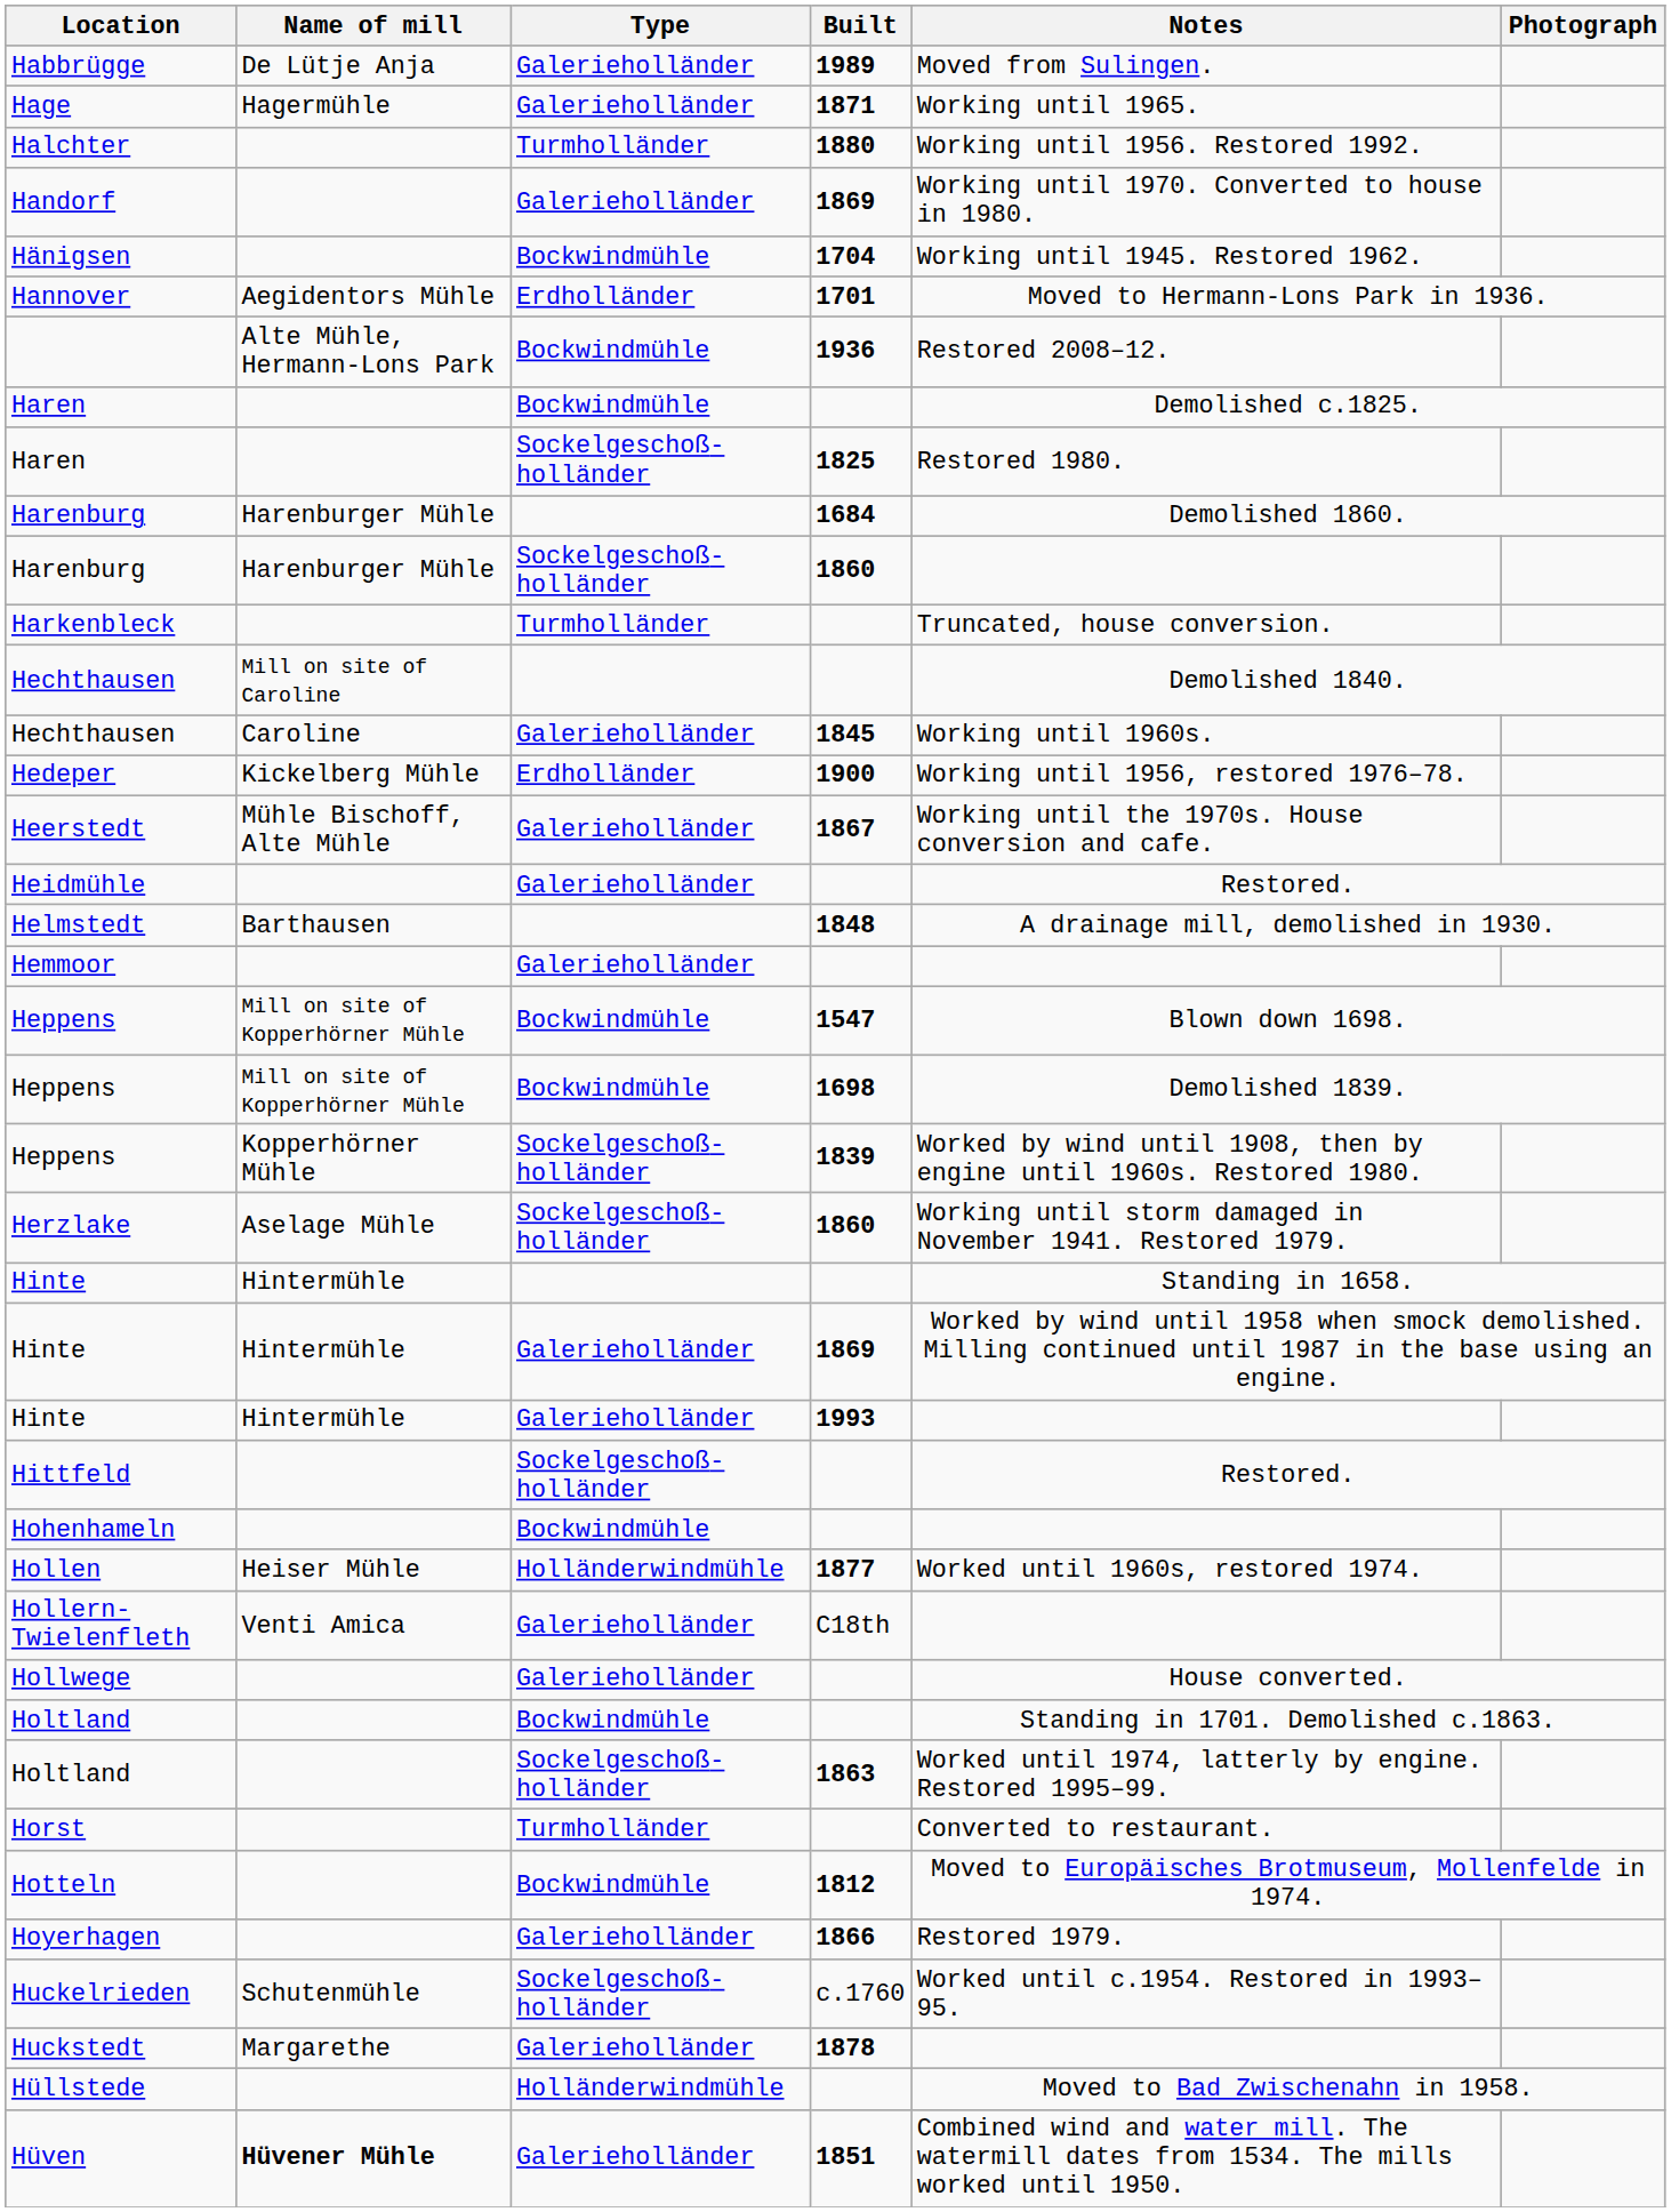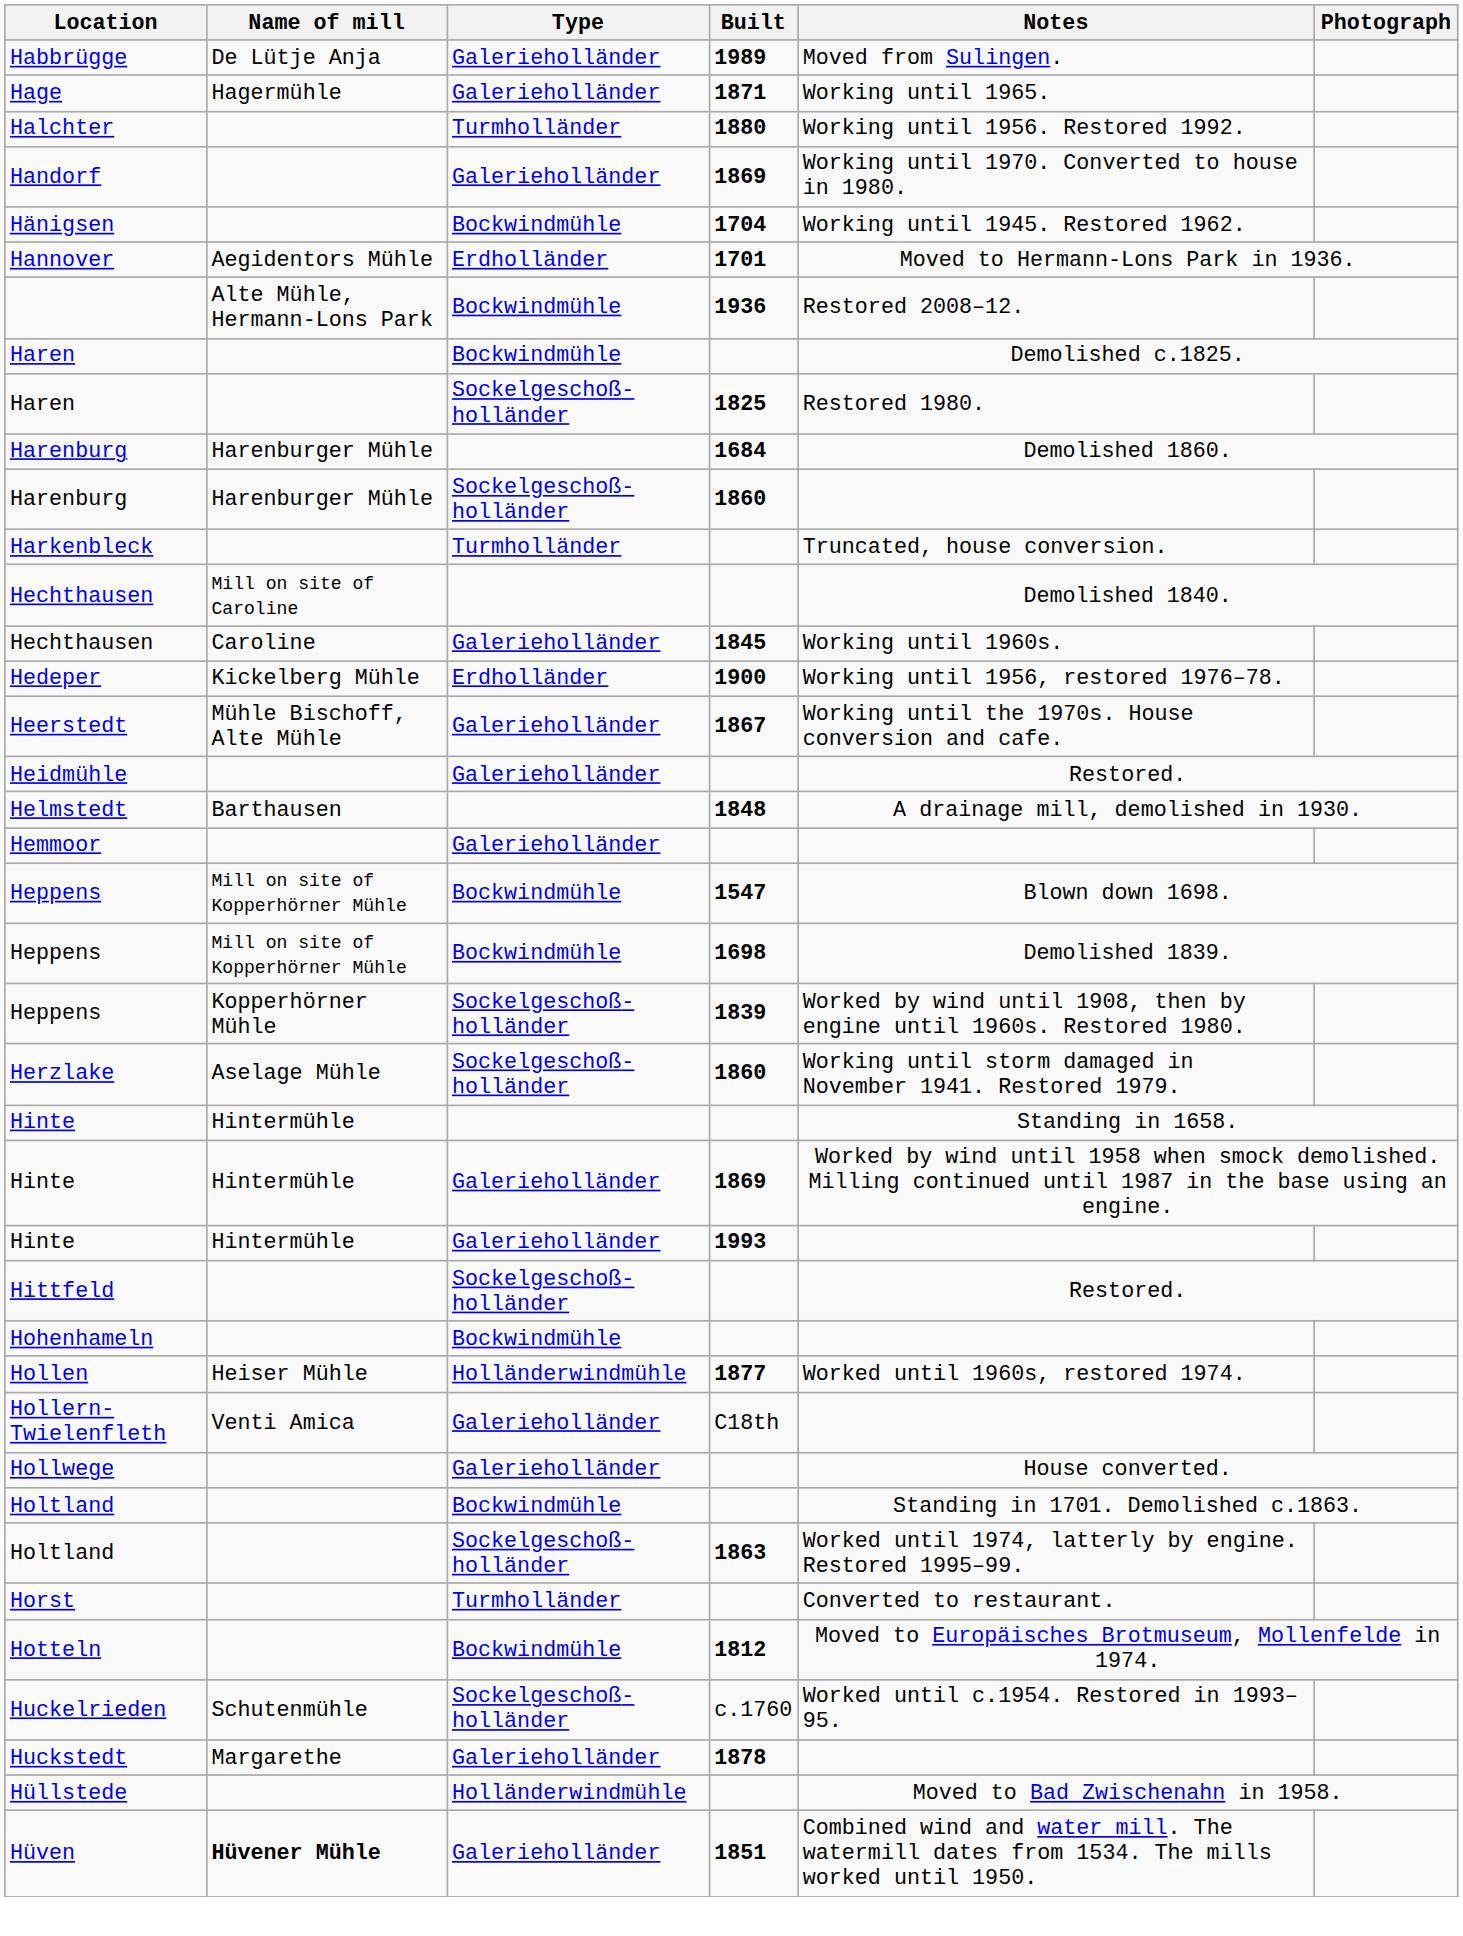 <table class="wikitable sortable">
 <tr>
 <th>Location</th>
 <th>Name of mill</th>
 <th>Type</th>
 <th>Built</th>
 <th class="unsortable">Notes</th>
 <th class="unsortable">Photograph</th>
 </tr>
 <tr>
 <td><a href='#'>Habbrügge</a></td>
 <td>De Lütje Anja</td>
 <td><a href='#'>Galerieholländer</a></td>
 <td><strong>1989</strong></td>
 <td>Moved from <a href='#'>Sulingen</a>.</td>
 <td></td>
 </tr>
 <tr>
 <td><a href='#'>Hage</a></td>
 <td>Hagermühle</td>
 <td><a href='#'>Galerieholländer</a></td>
 <td><strong>1871</strong></td>
 <td>Working until 1965.</td>
 <td></td>
 </tr>
 <tr>
 <td><a href='#'>Halchter</a></td>
 <td></td>
 <td><a href='#'>Turmholländer</a></td>
 <td><strong>1880</strong></td>
 <td>Working until 1956. Restored 1992.</td>
 <td></td>
 </tr>
 <tr>
 <td><a href='#'>Handorf</a></td>
 <td></td>
 <td><a href='#'>Galerieholländer</a></td>
 <td><strong>1869</strong></td>
 <td>Working until 1970. Converted to house in 1980.</td>
 <td></td>
 </tr>
 <tr>
 <td><a href='#'>Hänigsen</a></td>
 <td></td>
 <td><a href='#'>Bockwindmühle</a></td>
 <td><strong>1704</strong></td>
 <td>Working until 1945. Restored 1962.</td>
 <td></td>
 </tr>
 <tr>
 <td><a href='#'>Hannover</a></td>
 <td>Aegidentors Mühle</td>
 <td><a href='#'>Erdholländer</a></td>
 <td><strong>1701</strong></td>
 <td colspan="2" style="text-align:center;">Moved to Hermann-Lons Park in 1936.</td>
 </tr>
 <tr>
 <td></td>
 <td>Alte Mühle, Hermann-Lons Park</td>
 <td><a href='#'>Bockwindmühle</a></td>
 <td><strong>1936</strong></td>
 <td>Restored 2008–12.</td>
 <td></td>
 </tr>
 <tr>
 <td><a href='#'>Haren</a></td>
 <td></td>
 <td><a href='#'>Bockwindmühle</a></td>
 <td></td>
 <td colspan="2" style="text-align:center;">Demolished c.1825.</td>
 </tr>
 <tr>
 <td>Haren</td>
 <td></td>
 <td><a href='#'>Sockelgeschoß­holländer</a></td>
 <td><strong>1825</strong></td>
 <td>Restored 1980.</td>
 <td></td>
 </tr>
 <tr>
 <td><a href='#'>Harenburg</a></td>
 <td>Harenburger Mühle</td>
 <td></td>
 <td><strong>1684</strong></td>
 <td colspan="2" style="text-align:center;">Demolished 1860.</td>
 </tr>
 <tr>
 <td>Harenburg</td>
 <td>Harenburger Mühle</td>
 <td><a href='#'>Sockelgeschoß­holländer</a></td>
 <td><strong>1860</strong></td>
 <td></td>
 <td></td>
 </tr>
 <tr>
 <td><a href='#'>Harkenbleck</a></td>
 <td></td>
 <td><a href='#'>Turmholländer</a></td>
 <td></td>
 <td>Truncated, house conversion.</td>
 <td></td>
 </tr>
 <tr>
 <td><a href='#'>Hechthausen</a></td>
 <td><small>Mill on site of Caroline</small></td>
 <td></td>
 <td></td>
 <td colspan="2" style="text-align:center;">Demolished 1840.</td>
 </tr>
 <tr>
 <td>Hechthausen</td>
 <td>Caroline</td>
 <td><a href='#'>Galerieholländer</a></td>
 <td><strong>1845</strong></td>
 <td>Working until 1960s.</td>
 <td></td>
 </tr>
 <tr>
 <td><a href='#'>Hedeper</a></td>
 <td>Kickelberg Mühle</td>
 <td><a href='#'>Erdholländer</a></td>
 <td><strong>1900</strong></td>
 <td>Working until 1956, restored 1976–78.</td>
 <td></td>
 </tr>
 <tr>
 <td><a href='#'>Heerstedt</a></td>
 <td>Mühle Bischoff,<br>Alte Mühle</td>
 <td><a href='#'>Galerieholländer</a></td>
 <td><strong>1867</strong></td>
 <td>Working until the 1970s. House conversion and cafe.</td>
 <td></td>
 </tr>
 <tr>
 <td><a href='#'>Heidmühle</a></td>
 <td></td>
 <td><a href='#'>Galerieholländer</a></td>
 <td></td>
 <td colspan="2" style="text-align:center;">Restored.</td>
 </tr>
 <tr>
 <td><a href='#'>Helmstedt</a></td>
 <td>Barthausen</td>
 <td></td>
 <td><strong>1848</strong></td>
 <td colspan="2" style="text-align:center;">A drainage mill, demolished in 1930.</td>
 </tr>
 <tr>
 <td><a href='#'>Hemmoor</a></td>
 <td></td>
 <td><a href='#'>Galerieholländer</a></td>
 <td></td>
 <td></td>
 <td></td>
 </tr>
 <tr>
 <td><a href='#'>Heppens</a></td>
 <td><small>Mill on site of Kopperhörner Mühle</small></td>
 <td><a href='#'>Bockwindmühle</a></td>
 <td><strong>1547</strong></td>
 <td colspan="2" style="text-align:center;">Blown down 1698.</td>
 </tr>
 <tr>
 <td>Heppens</td>
 <td><small>Mill on site of Kopperhörner Mühle</small></td>
 <td><a href='#'>Bockwindmühle</a></td>
 <td><strong>1698</strong></td>
 <td colspan="2" style="text-align:center;">Demolished 1839.</td>
 </tr>
 <tr>
 <td>Heppens</td>
 <td>Kopperhörner Mühle</td>
 <td><a href='#'>Sockelgeschoß­holländer</a></td>
 <td><strong>1839</strong></td>
 <td>Worked by wind until 1908, then by engine until 1960s. Restored 1980.</td>
 <td></td>
 </tr>
 <tr>
 <td><a href='#'>Herzlake</a></td>
 <td>Aselage Mühle</td>
 <td><a href='#'>Sockelgeschoß­holländer</a></td>
 <td><strong>1860</strong></td>
 <td>Working until storm damaged in November 1941. Restored 1979.</td>
 <td></td>
 </tr>
 <tr>
 <td><a href='#'>Hinte</a></td>
 <td>Hintermühle</td>
 <td></td>
 <td></td>
 <td colspan="2" style="text-align:center;">Standing in 1658.</td>
 </tr>
 <tr>
 <td>Hinte</td>
 <td>Hintermühle</td>
 <td><a href='#'>Galerieholländer</a></td>
 <td><strong>1869</strong></td>
 <td colspan="2" style="text-align:center;">Worked by wind until 1958 when smock demolished. Milling continued until 1987 in the base using an engine.</td>
 </tr>
 <tr>
 <td>Hinte</td>
 <td>Hintermühle</td>
 <td><a href='#'>Galerieholländer</a></td>
 <td><strong>1993</strong></td>
 <td></td>
 <td></td>
 </tr>
 <tr>
 <td><a href='#'>Hittfeld</a></td>
 <td></td>
 <td><a href='#'>Sockelgeschoß­holländer</a></td>
 <td></td>
 <td colspan="2" style="text-align:center;">Restored.</td>
 </tr>
 <tr>
 <td><a href='#'>Hohenhameln</a></td>
 <td></td>
 <td><a href='#'>Bockwindmühle</a></td>
 <td></td>
 <td></td>
 <td></td>
 </tr>
 <tr>
 <td><a href='#'>Hollen</a></td>
 <td>Heiser Mühle</td>
 <td><a href='#'>Holländerwindmühle</a></td>
 <td><strong>1877</strong></td>
 <td>Worked until 1960s, restored 1974.</td>
 <td></td>
 </tr>
 <tr>
 <td><a href='#'>Hollern-Twielenfleth</a></td>
 <td>Venti Amica</td>
 <td><a href='#'>Galerieholländer</a></td>
 <td>C18th</td>
 <td></td>
 <td></td>
 </tr>
 <tr>
 <td><a href='#'>Hollwege</a></td>
 <td></td>
 <td><a href='#'>Galerieholländer</a></td>
 <td></td>
 <td colspan="2" style="text-align:center;">House converted.</td>
 </tr>
 <tr>
 <td><a href='#'>Holtland</a></td>
 <td></td>
 <td><a href='#'>Bockwindmühle</a></td>
 <td></td>
 <td colspan="2" style="text-align:center;">Standing in 1701. Demolished c.1863.</td>
 </tr>
 <tr>
 <td>Holtland</td>
 <td></td>
 <td><a href='#'>Sockelgeschoß­holländer</a></td>
 <td><strong>1863</strong></td>
 <td>Worked until 1974, latterly by engine. Restored 1995–99.</td>
 <td></td>
 </tr>
 <tr>
 <td><a href='#'>Horst</a></td>
 <td></td>
 <td><a href='#'>Turmholländer</a></td>
 <td></td>
 <td>Converted to restaurant.</td>
 <td></td>
 </tr>
 <tr>
 <td><a href='#'>Hotteln</a></td>
 <td></td>
 <td><a href='#'>Bockwindmühle</a></td>
 <td><strong>1812</strong></td>
 <td colspan="2" style="text-align:center;">Moved to <a href='#'>Europäisches Brotmuseum</a>, <a href='#'>Mollenfelde</a> in 1974.</td>
 </tr>
 <tr>
-<td><a href='#'>Hoyerhagen</a></td>
-<td></td>
-<td><a href='#'>Galerieholländer</a></td>
-<td><strong>1866</strong></td>
-<td>Restored 1979.</td>
-<td></td>
-</tr>
-<tr>
 <td><a href='#'>Huckelrieden</a></td>
 <td>Schutenmühle</td>
 <td><a href='#'>Sockelgeschoß­holländer</a></td>
 <td>c.1760</td>
 <td>Worked until c.1954. Restored in 1993–95.</td>
 <td></td>
 </tr>
 <tr>
 <td><a href='#'>Huckstedt</a></td>
 <td>Margarethe</td>
 <td><a href='#'>Galerieholländer</a></td>
 <td><strong>1878</strong></td>
 <td></td>
 <td></td>
 </tr>
 <tr>
 <td><a href='#'>Hüllstede</a></td>
 <td></td>
 <td><a href='#'>Holländerwindmühle</a></td>
 <td></td>
 <td colspan="2" style="text-align:center;">Moved to <a href='#'>Bad Zwischenahn</a> in 1958.</td>
 </tr>
 <tr>
 <td><a href='#'>Hüven</a></td>
 <td><strong>Hüvener Mühle</strong></td>
 <td><a href='#'>Galerieholländer</a></td>
 <td><strong>1851</strong></td>
 <td>Combined wind and <a href='#'>water mill</a>. The watermill dates from 1534. The mills worked until 1950.</td>
 <td></td>
 </tr>
 </table>
